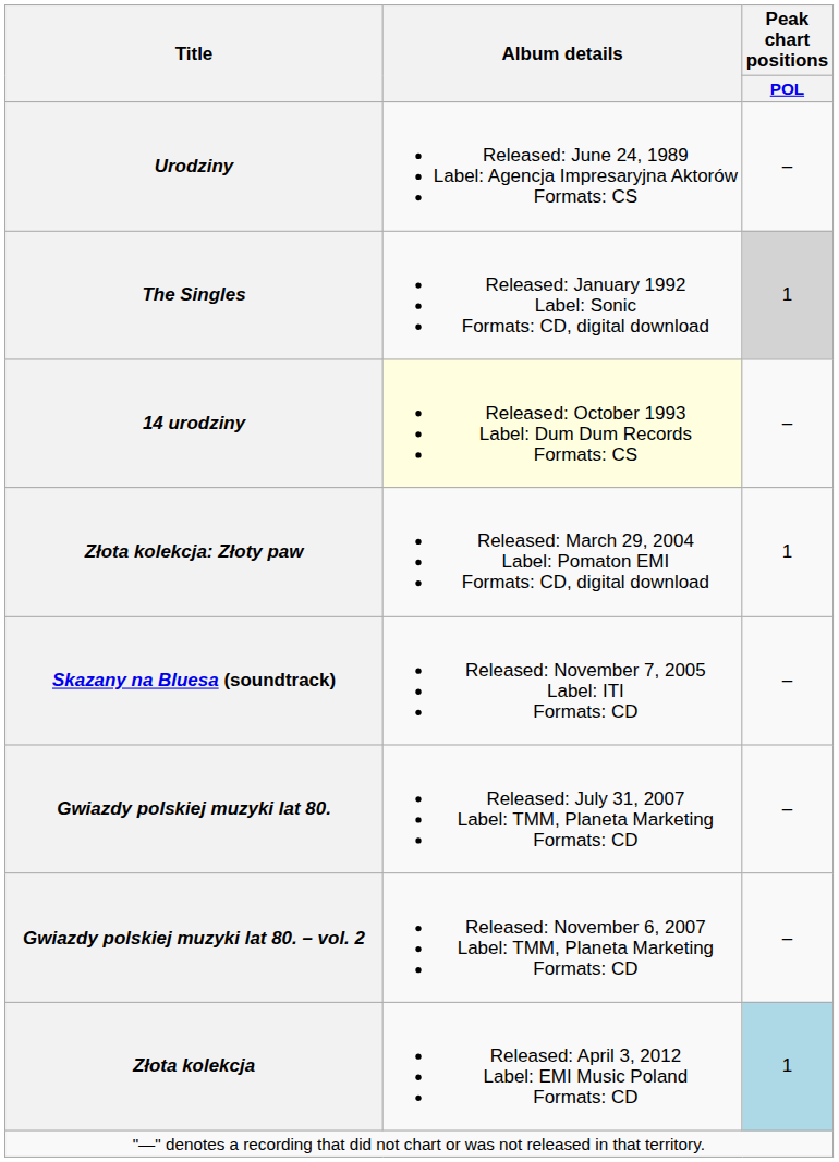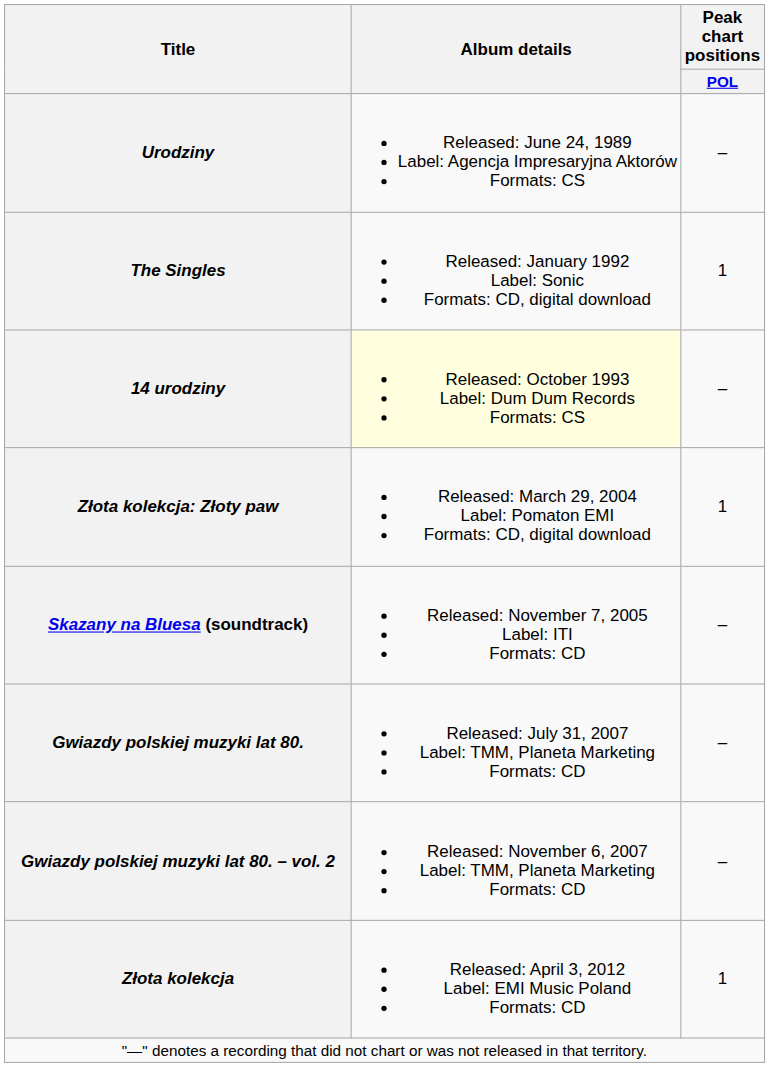 <table class="wikitable plainrowheaders" style="text-align:center;">
 <tr>
 <th scope="col" rowspan="2" style="width:20em;">Title</th>
 <th scope="col" rowspan="2">Album details</th>
 <th scope="col" colspan="1">Peak chart positions</th>
 </tr>
 <tr>
 <th scope="col" style="width:3em;font-size:90%;"><a href='#'>POL</a><br></th>
 </tr>
 <tr>
 <th scope="row"><em>Urodziny</em></th>
 <td><br><ul><li>Released: June 24, 1989</li><li>Label: Agencja Impresaryjna Aktorów</li><li>Formats: CS</li></ul></td>
 <td>–</td>
 </tr>
 <tr>
 <th scope="row"><em>The Singles</em></th>
 <td><br><ul><li>Released: January 1992</li><li>Label: Sonic</li><li>Formats: CD, digital download</li></ul></td>
-<td style="background: lightgrey;">1</td>
+<td>1</td>
 </tr>
 <tr>
 <th scope="row"><em>14 urodziny</em></th>
 <td style="background: lightyellow;"><br><ul><li>Released: October 1993</li><li>Label: Dum Dum Records</li><li>Formats: CS</li></ul></td>
 <td>–</td>
 </tr>
 <tr>
 <th scope="row"><em>Złota kolekcja: Złoty paw</em></th>
 <td><br><ul><li>Released: March 29, 2004</li><li>Label: Pomaton EMI</li><li>Formats: CD, digital download</li></ul></td>
 <td>1</td>
 </tr>
 <tr>
 <th scope="row"><em><a href='#'>Skazany na Bluesa</a></em> (soundtrack)</th>
 <td><br><ul><li>Released: November 7, 2005</li><li>Label: ITI</li><li>Formats: CD</li></ul></td>
 <td>–</td>
 </tr>
 <tr>
 <th scope="row"><em>Gwiazdy polskiej muzyki lat 80.</em></th>
 <td><br><ul><li>Released: July 31, 2007</li><li>Label: TMM, Planeta Marketing</li><li>Formats: CD</li></ul></td>
 <td>–</td>
 </tr>
 <tr>
 <th scope="row"><em>Gwiazdy polskiej muzyki lat 80. – vol. 2</em></th>
 <td><br><ul><li>Released: November 6, 2007</li><li>Label: TMM, Planeta Marketing</li><li>Formats: CD</li></ul></td>
 <td>–</td>
 </tr>
 <tr>
 <th scope="row"><em>Złota kolekcja</em></th>
 <td><br><ul><li>Released: April 3, 2012</li><li>Label: EMI Music Poland</li><li>Formats: CD</li></ul></td>
-<td style="background: lightblue;">1</td>
+<td>1</td>
 </tr>
 <tr>
 <td colspan="10" style="font-size:90%">"—" denotes a recording that did not chart or was not released in that territory.</td>
 </tr>
 </table>
